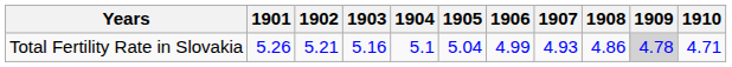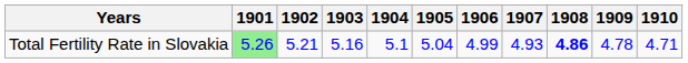 <table class="wikitable " style="text-align:right">
 <tr>
 <th>Years</th>
 <th>1901</th>
 <th>1902</th>
 <th>1903</th>
 <th>1904</th>
 <th>1905</th>
 <th>1906</th>
 <th>1907</th>
 <th>1908</th>
 <th>1909</th>
 <th>1910</th>
 </tr>
 <tr>
 <td align="left">Total Fertility Rate in Slovakia</td>
-<td style="text-align:right; color:blue;">5.26</td>
+<td style="background: lightgreen; text-align:right; color:blue;">5.26</td>
 <td style="text-align:right; color:blue;">5.21</td>
 <td style="text-align:right; color:blue;">5.16</td>
 <td style="text-align:right; color:blue;">5.1</td>
 <td style="text-align:right; color:blue;">5.04</td>
 <td style="text-align:right; color:blue;">4.99</td>
 <td style="text-align:right; color:blue;">4.93</td>
-<td style="text-align:right; color:blue;">4.86</td>
-<td style="background: lightgrey; text-align:right; color:blue;">4.78</td>
+<td style="text-align:right; color:blue;"><strong>4.86</strong></td>
+<td style="text-align:right; color:blue;">4.78</td>
 <td style="text-align:right; color:blue;">4.71</td>
 </tr>
 </table>
